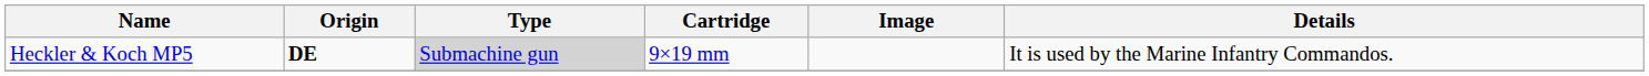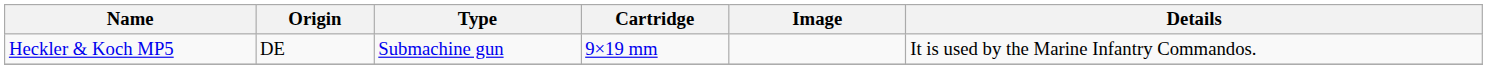 <table class="wikitable" border="0" style="width:100%">
 <tr>
 <th style="text-align: center; width:17%;">Name</th>
 <th style="text-align: center; width:8%;">Origin</th>
 <th style="text-align: center; width:14%;">Type</th>
 <th style="text-align: center; width:10%;">Cartridge</th>
 <th style="text-align: center; width:12%;">Image</th>
 <th style="text-align: center; width:44%;">Details</th>
 </tr>
 <tr>
 <td><a href='#'>Heckler & Koch MP5</a></td>
-<td><strong> DE</strong></td>
-<td style="background: lightgrey;"><a href='#'>Submachine gun</a></td>
+<td> DE</td>
+<td><a href='#'>Submachine gun</a></td>
 <td><a href='#'>9×19 mm</a></td>
 <td></td>
 <td>It is used by the Marine Infantry Commandos.</td>
 </tr>
 <tr>
 </tr>
 </table>
